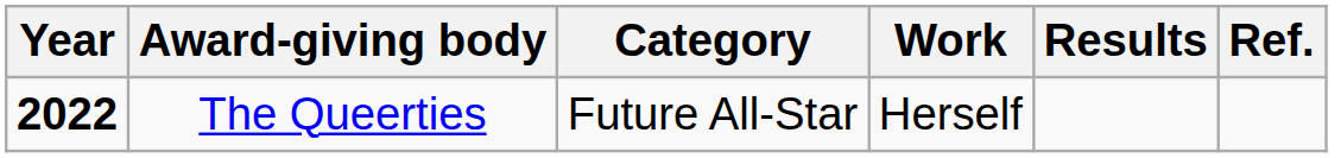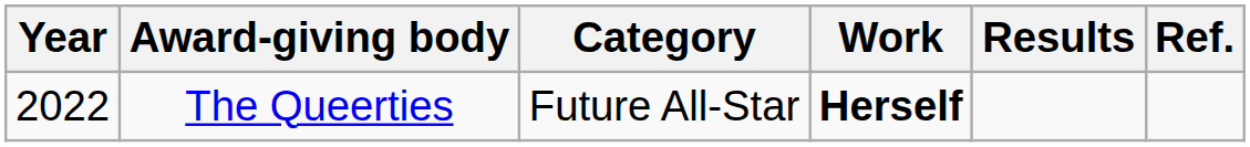 <table class="wikitable sortable" >
 <tr>
 <th>Year</th>
 <th>Award-giving body</th>
 <th>Category</th>
 <th>Work</th>
 <th>Results</th>
 <th>Ref.</th>
 </tr>
 <tr>
-<td style="text-align:center"><strong>2022</strong></td>
+<td style="text-align:center">2022</td>
 <td style="text-align:center"><a href='#'>The Queerties</a></td>
 <td style="text-align:center">Future All-Star</td>
-<td style="text-align:center">Herself</td>
+<td style="text-align:center"><strong>Herself</strong></td>
 <td></td>
 <td style="text-align:center"></td>
 </tr>
 </table>
